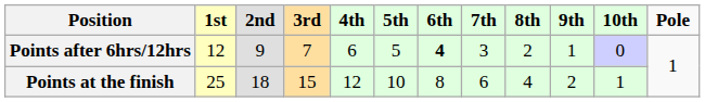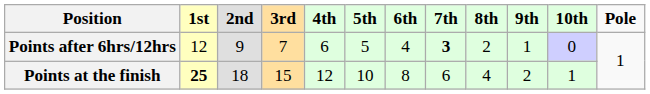 <table class="wikitable" style="font-size:85%; text-align:center">
 <tr>
 <th>Position</th>
 <td style="background:#FFFFBF;"> <strong>1st</strong> </td>
 <td style="background:#DFDFDF;"> <strong>2nd</strong> </td>
 <td style="background:#FFDF9F;"> <strong>3rd</strong> </td>
 <td style="background:#DFFFDF;"> <strong>4th</strong> </td>
 <td style="background:#DFFFDF;"> <strong>5th</strong> </td>
 <td style="background:#DFFFDF;"> <strong>6th</strong> </td>
 <td style="background:#DFFFDF;"> <strong>7th</strong> </td>
 <td style="background:#DFFFDF;"> <strong>8th</strong> </td>
 <td style="background:#DFFFDF;"> <strong>9th</strong> </td>
 <td style="background:#DFFFDF;"> <strong>10th</strong> </td>
 <td> <strong>Pole</strong> </td>
 </tr>
 <tr>
 <th>Points after 6hrs/12hrs</th>
 <td style="background:#FFFFBF;">12</td>
 <td style="background:#DFDFDF;">9</td>
 <td style="background:#FFDF9F;">7</td>
 <td style="background:#DFFFDF;">6</td>
 <td style="background:#DFFFDF;">5</td>
-<td style="background:#DFFFDF;"><strong>4</strong></td>
-<td style="background:#DFFFDF;">3</td>
+<td style="background:#DFFFDF;">4</td>
+<td style="background:#DFFFDF;"><strong>3</strong></td>
 <td style="background:#DFFFDF;">2</td>
 <td style="background:#DFFFDF;">1</td>
 <td style="background:#CFCFFF;">0</td>
 <td rowspan=2>1</td>
 </tr>
 <tr>
 <th>Points at the finish</th>
-<td style="background:#FFFFBF;">25</td>
+<td style="background:#FFFFBF;"><strong>25</strong></td>
 <td style="background:#DFDFDF;">18</td>
 <td style="background:#FFDF9F;">15</td>
 <td style="background:#DFFFDF;">12</td>
 <td style="background:#DFFFDF;">10</td>
 <td style="background:#DFFFDF;">8</td>
 <td style="background:#DFFFDF;">6</td>
 <td style="background:#DFFFDF;">4</td>
 <td style="background:#DFFFDF;">2</td>
 <td style="background:#DFFFDF;">1</td>
 </tr>
 </table>
